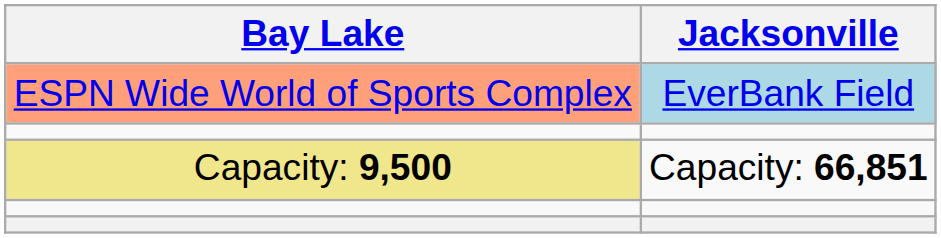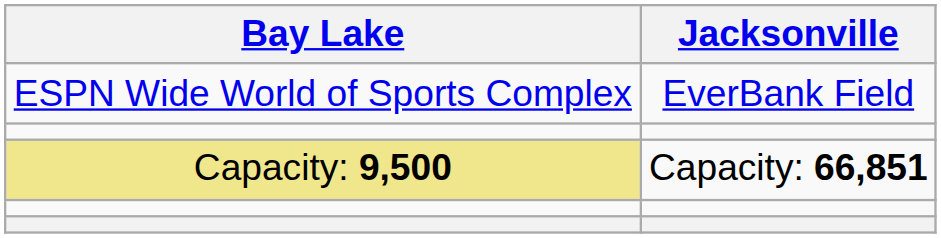 <table class="wikitable" style="text-align:center">
 <tr>
 <th><a href='#'>Bay Lake</a></th>
 <th><a href='#'>Jacksonville</a></th>
 </tr>
 <tr>
-<td style="background: lightsalmon;"><a href='#'>ESPN Wide World of Sports Complex</a></td>
-<td style="background: lightblue;"><a href='#'>EverBank Field</a></td>
+<td><a href='#'>ESPN Wide World of Sports Complex</a></td>
+<td><a href='#'>EverBank Field</a></td>
 </tr>
 <tr>
 <td><small></small></td>
 <td><small></small></td>
 </tr>
 <tr>
 <td style="background: khaki;">Capacity: <strong>9,500</strong></td>
 <td>Capacity: <strong>66,851</strong></td>
 </tr>
 <tr>
 <td></td>
 <td></td>
 </tr>
 <tr>
 <th></th>
 <th></th>
 </tr>
 </table>
